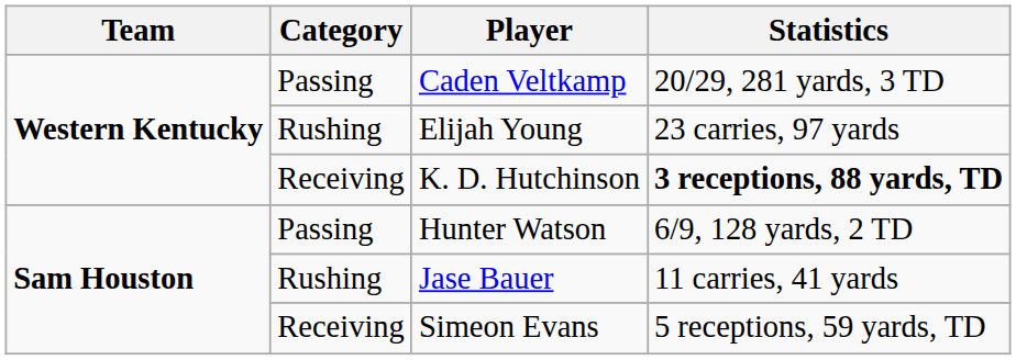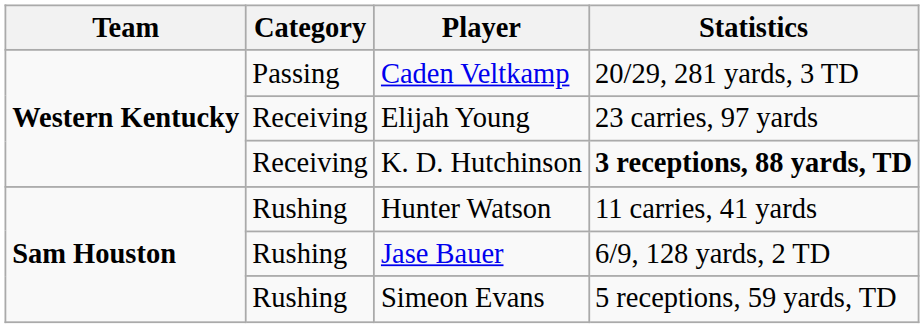 <table class="wikitable" style="float: right;">
 <tr>
 <th>Team</th>
 <th>Category</th>
 <th>Player</th>
 <th>Statistics</th>
 </tr>
 <tr>
 <td rowspan=3><strong>Western Kentucky</strong></td>
 <td>Passing</td>
 <td><a href='#'>Caden Veltkamp</a></td>
 <td>20/29, 281 yards, 3 TD</td>
 </tr>
 <tr>
-<td>Rushing</td>
+<td>Receiving</td>
 <td>Elijah Young</td>
 <td>23 carries, 97 yards</td>
 </tr>
 <tr>
 <td>Receiving</td>
 <td>K. D. Hutchinson</td>
 <td><strong>3 receptions, 88 yards, TD</strong></td>
 </tr>
 <tr>
 <td rowspan=3><strong>Sam Houston</strong></td>
-<td>Passing</td>
+<td>Rushing</td>
 <td>Hunter Watson</td>
+<td>11 carries, 41 yards</td>
+</tr>
+<tr>
+<td>Rushing</td>
+<td><a href='#'>Jase Bauer</a></td>
 <td>6/9, 128 yards, 2 TD</td>
 </tr>
 <tr>
 <td>Rushing</td>
-<td><a href='#'>Jase Bauer</a></td>
-<td>11 carries, 41 yards</td>
-</tr>
-<tr>
-<td>Receiving</td>
 <td>Simeon Evans</td>
 <td>5 receptions, 59 yards, TD</td>
 </tr>
 </table>
